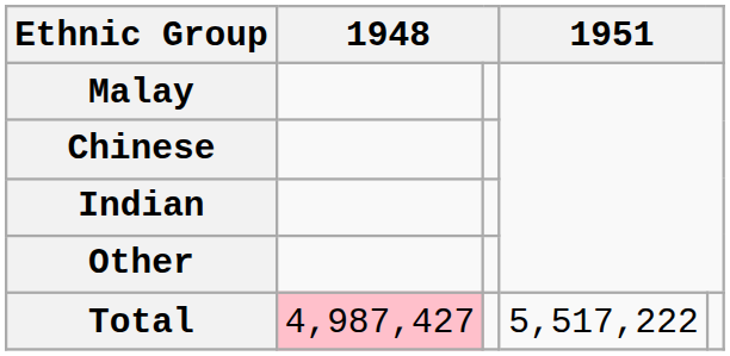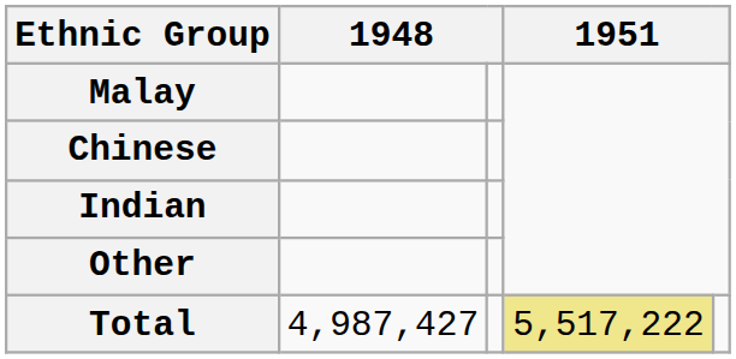 <table class="wikitable">
 <tr>
 <th>Ethnic Group</th>
 <th colspan="2">1948</th>
 <th colspan="2">1951</th>
 </tr>
 <tr>
 <th>Malay</th>
 <td align="right"></td>
 <td align="right"></td>
 </tr>
 <tr>
 <th>Chinese</th>
 <td align="right"></td>
 <td align="right"></td>
 </tr>
 <tr>
 <th>Indian</th>
 <td align="right"></td>
 <td align="right"></td>
 </tr>
 <tr>
 <th>Other</th>
 <td align="right"></td>
 <td align="right"></td>
 </tr>
 <tr>
 <th>Total</th>
-<td align="right" style="background: pink;">4,987,427</td>
+<td align="right">4,987,427</td>
 <td></td>
-<td align="right">5,517,222</td>
+<td align="right" style="background: khaki;">5,517,222</td>
 <td></td>
 </tr>
 </table>
